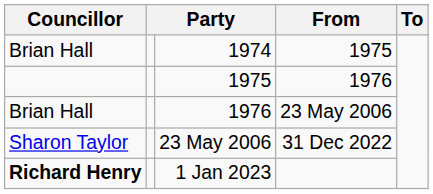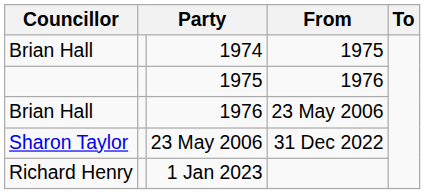 <table class=wikitable>
 <tr>
 <th>Councillor</th>
 <th colspan=2>Party</th>
 <th>From</th>
 <th>To</th>
 </tr>
 <tr>
 <td>Brian Hall</td>
 <td></td>
 <td align=right>1974</td>
 <td align=right>1975</td>
 </tr>
 <tr>
 <td></td>
 <td></td>
 <td align=right>1975</td>
 <td align=right>1976</td>
 </tr>
 <tr>
 <td>Brian Hall</td>
 <td></td>
 <td align=right>1976</td>
 <td align=right>23 May 2006</td>
 </tr>
 <tr>
 <td><a href='#'>Sharon Taylor</a></td>
 <td></td>
 <td align=right>23 May 2006</td>
 <td align=right>31 Dec 2022</td>
 </tr>
 <tr>
-<td><strong>Richard Henry</strong></td>
+<td>Richard Henry</td>
 <td></td>
 <td align=right>1 Jan 2023</td>
 <td align=right></td>
 </tr>
 </table>
